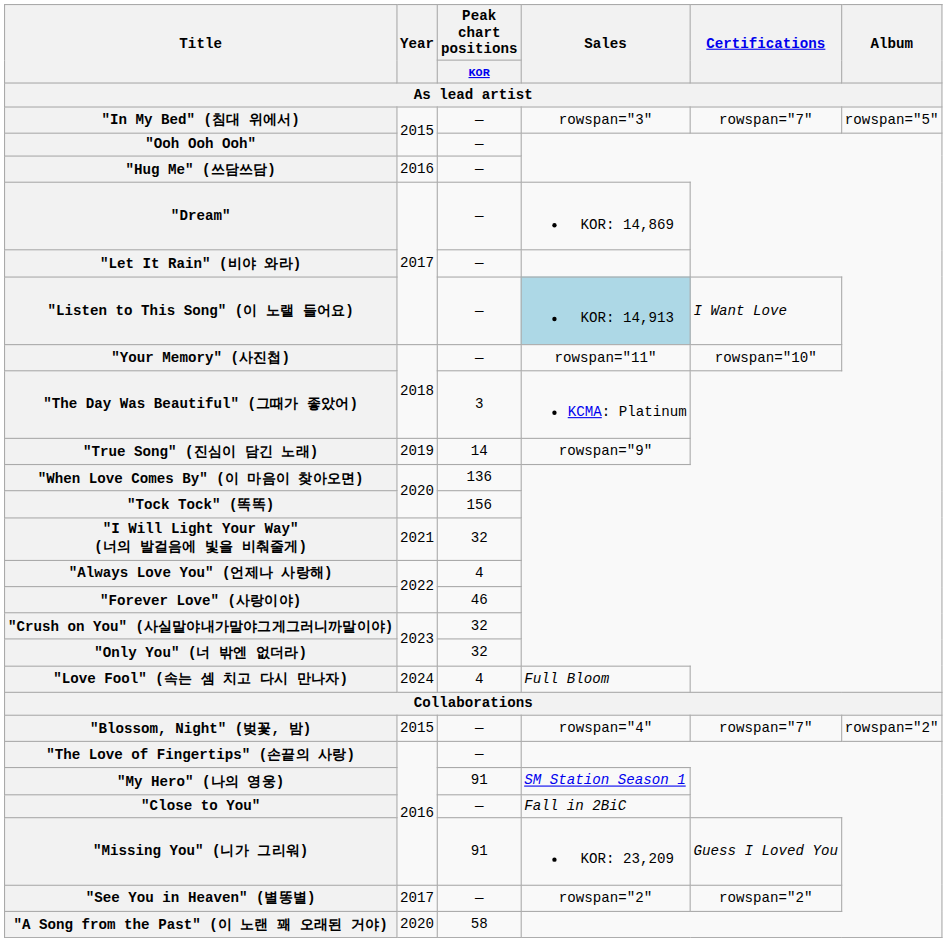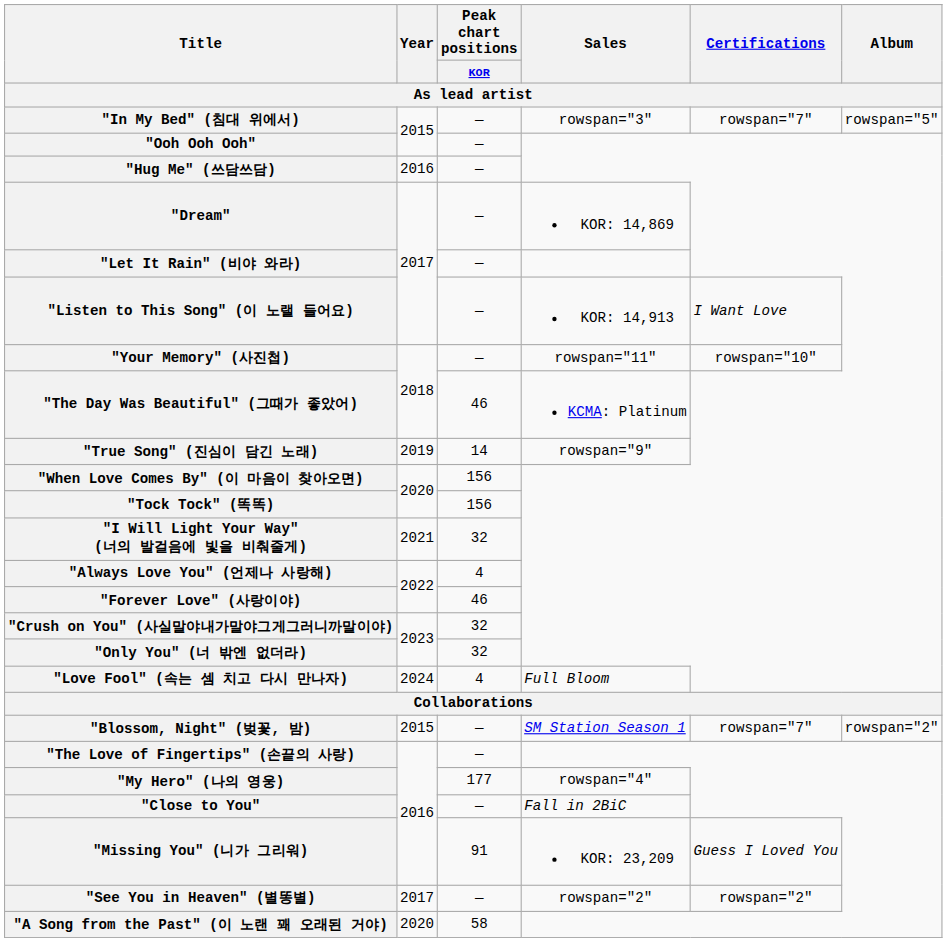 <table class="wikitable plainrowheaders" style="text-align:center;">
 <tr>
 <th scope="col" rowspan="2">Title</th>
 <th scope="col" rowspan="2">Year</th>
 <th scope="col" colspan="1" style="width:5em;">Peak chart positions</th>
 <th scope="col" rowspan="2">Sales</th>
 <th scope="col" rowspan="2"><a href='#'>Certifications</a></th>
 <th scope="col" rowspan="2">Album</th>
 </tr>
 <tr>
 <th><small><a href='#'>KOR</a></small><br></th>
 </tr>
 <tr>
 <th colspan="6" scope="col">As lead artist</th>
 </tr>
 <tr>
 <th scope="row">"In My Bed" (침대 위에서)</th>
 <td rowspan="2">2015</td>
 <td>—</td>
 <td>rowspan="3" </td>
 <td>rowspan="7" </td>
 <td>rowspan="5" </td>
 </tr>
 <tr>
 <th scope="row">"Ooh Ooh Ooh"<br></th>
 <td>—</td>
 </tr>
 <tr>
 <th scope="row">"Hug Me" (쓰담쓰담)</th>
 <td>2016</td>
 <td>—</td>
 </tr>
 <tr>
 <th scope="row">"Dream"</th>
 <td rowspan="3">2017</td>
 <td>—</td>
 <td><br><ul><li>KOR: 14,869</li></ul></td>
 </tr>
 <tr>
 <th scope="row">"Let It Rain" (비야 와라)</th>
 <td>—</td>
 <td></td>
 </tr>
 <tr>
 <th scope="row">"Listen to This Song" (이 노랠 들어요)</th>
 <td>—</td>
-<td style="background: lightblue;"><br><ul><li>KOR: 14,913</li></ul></td>
+<td><br><ul><li>KOR: 14,913</li></ul></td>
 <td style="text-align:left;"><em>I Want Love</em></td>
 </tr>
 <tr>
 <th scope="row">"Your Memory" (사진첩)</th>
 <td rowspan="2">2018</td>
 <td>—</td>
 <td>rowspan="11" </td>
 <td>rowspan="10" </td>
 </tr>
 <tr>
 <th scope="row">"The Day Was Beautiful" (그때가 좋았어)</th>
-<td>3</td>
+<td>46</td>
 <td><br><ul><li><a href='#'>KCMA</a>: Platinum</li></ul></td>
 </tr>
 <tr>
 <th scope="row">"True Song" (진심이 담긴 노래)</th>
 <td>2019</td>
 <td>14</td>
 <td>rowspan="9" </td>
 </tr>
 <tr>
 <th scope="row">"When Love Comes By" (이 마음이 찾아오면)</th>
 <td rowspan="2">2020</td>
-<td>136</td>
+<td>156</td>
 </tr>
 <tr>
 <th scope="row">"Tock Tock" (똑똑)</th>
 <td>156</td>
 </tr>
 <tr>
 <th scope="row">"I Will Light Your Way"<br>(너의 발걸음에 빛을 비춰줄게)</th>
 <td>2021</td>
 <td>32</td>
 </tr>
 <tr>
 <th scope="row">"Always Love You" (언제나 사랑해)</th>
 <td rowspan="2">2022</td>
 <td>4</td>
 </tr>
 <tr>
 <th scope="row">"Forever Love" (사랑이야)</th>
 <td>46</td>
 </tr>
 <tr>
 <th scope="row">"Crush on You" (사실말야내가말야그게그러니까말이야)</th>
 <td rowspan="2">2023</td>
 <td>32</td>
 </tr>
 <tr>
 <th scope="row">"Only You" (너 밖엔 없더라)</th>
 <td>32</td>
 </tr>
 <tr>
 <th scope="row">"Love Fool" (속는 셈 치고 다시 만나자)</th>
 <td>2024</td>
 <td>4</td>
 <td style="text-align:left;"><em>Full Bloom</em></td>
 </tr>
 <tr>
 <th colspan="6" scope="col">Collaborations</th>
 </tr>
 <tr>
 <th scope="row">"Blossom, Night" (벚꽃, 밤)<br></th>
 <td>2015</td>
 <td>—</td>
-<td>rowspan="4" </td>
+<td style="text-align:left;"><em><a href='#'>SM Station Season 1</a></em></td>
 <td>rowspan="7" </td>
 <td>rowspan="2" </td>
 </tr>
 <tr>
 <th scope="row">"The Love of Fingertips" (손끝의 사랑)<br></th>
 <td rowspan="4">2016</td>
 <td>—</td>
 </tr>
 <tr>
 <th scope="row">"My Hero" (나의 영웅)<br></th>
-<td>91</td>
-<td style="text-align:left;"><em><a href='#'>SM Station Season 1</a></em></td>
+<td>177</td>
+<td>rowspan="4" </td>
 </tr>
 <tr>
 <th scope="row">"Close to You"<br></th>
 <td>—</td>
 <td style="text-align:left;"><em>Fall in 2BiC</em></td>
 </tr>
 <tr>
 <th scope="row">"Missing You" (니가 그리워)<br></th>
 <td>91</td>
 <td><br><ul><li>KOR: 23,209</li></ul></td>
 <td style="text-align:left;"><em>Guess I Loved You</em></td>
 </tr>
 <tr>
 <th scope="row">"See You in Heaven" (별똥별)<br></th>
 <td>2017</td>
 <td>—</td>
 <td>rowspan="2" </td>
 <td>rowspan="2" </td>
 </tr>
 <tr>
 <th scope="row">"A Song from the Past" (이 노랜 꽤 오래된 거야)<br></th>
 <td>2020</td>
 <td>58</td>
 </tr>
 </table>
